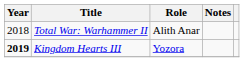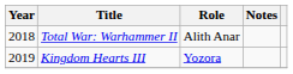 <table class="wikitable sortable">
 <tr>
 <th scope="col">Year</th>
 <th scope="col">Title</th>
 <th scope="col">Role</th>
 <th scope="col" class="unsortable">Notes</th>
 <th scope="col" class="unsortable"></th>
 </tr>
 <tr>
 <td>2018</td>
 <td><em><a href='#'>Total War: Warhammer II</a></em></td>
 <td>Alith Anar</td>
 <td></td>
 <td style="text-align:center;"></td>
 </tr>
 <tr>
-<td><strong>2019</strong></td>
+<td>2019</td>
 <td><em><a href='#'>Kingdom Hearts III</a></em></td>
 <td><a href='#'>Yozora</a></td>
 <td></td>
 <td style="text-align:center;"></td>
 </tr>
 <tr>
 </tr>
 </table>
